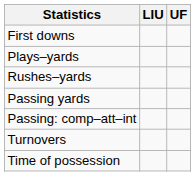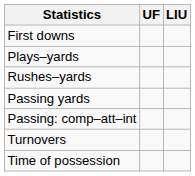 <table class="wikitable" style="float:left">
 <tr>
 <th>Statistics</th>
+<th>UF</th>
 <th>LIU</th>
-<th>UF</th>
 </tr>
 <tr>
 <td>First downs</td>
 <td></td>
 <td></td>
 </tr>
 <tr>
 <td>Plays–yards</td>
 <td></td>
 <td></td>
 </tr>
 <tr>
 <td>Rushes–yards</td>
 <td></td>
 <td></td>
 </tr>
 <tr>
 <td>Passing yards</td>
 <td></td>
 <td></td>
 </tr>
 <tr>
 <td>Passing: comp–att–int</td>
 <td></td>
 <td></td>
 </tr>
 <tr>
 <td>Turnovers</td>
 <td></td>
 <td></td>
 </tr>
 <tr>
 <td>Time of possession</td>
 <td></td>
 <td></td>
 </tr>
 </table>
